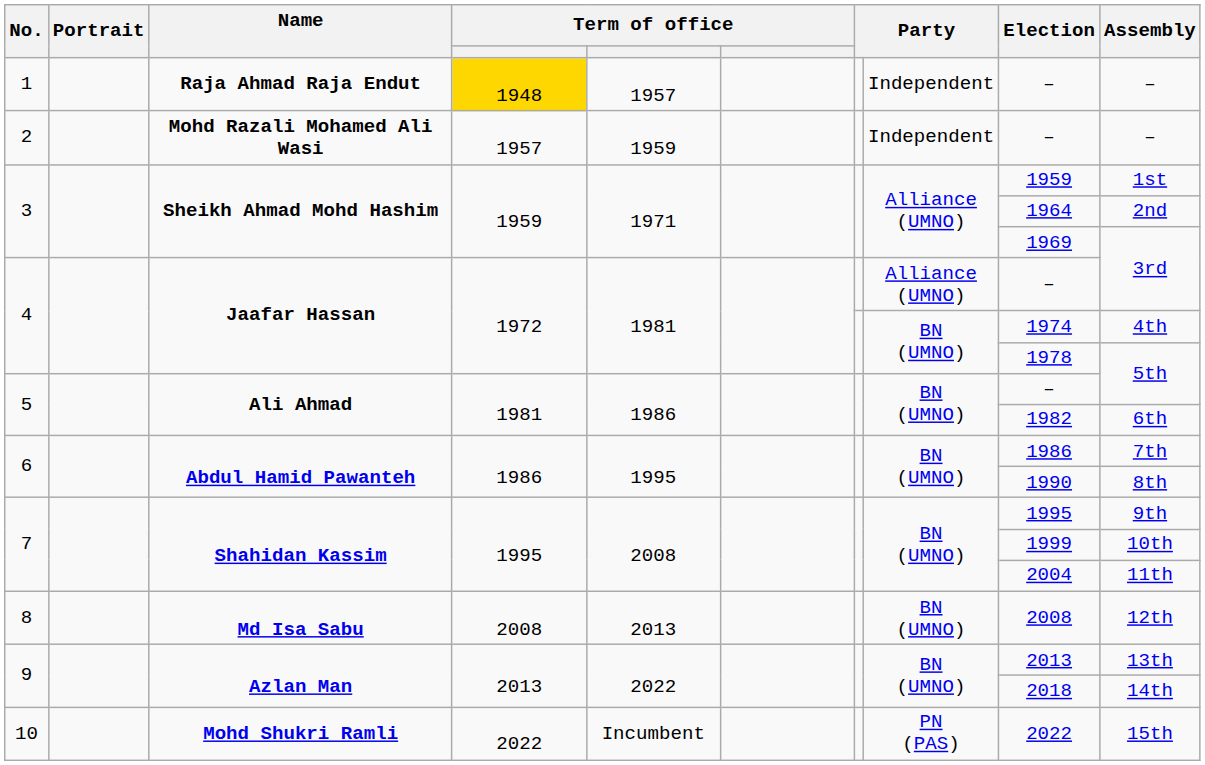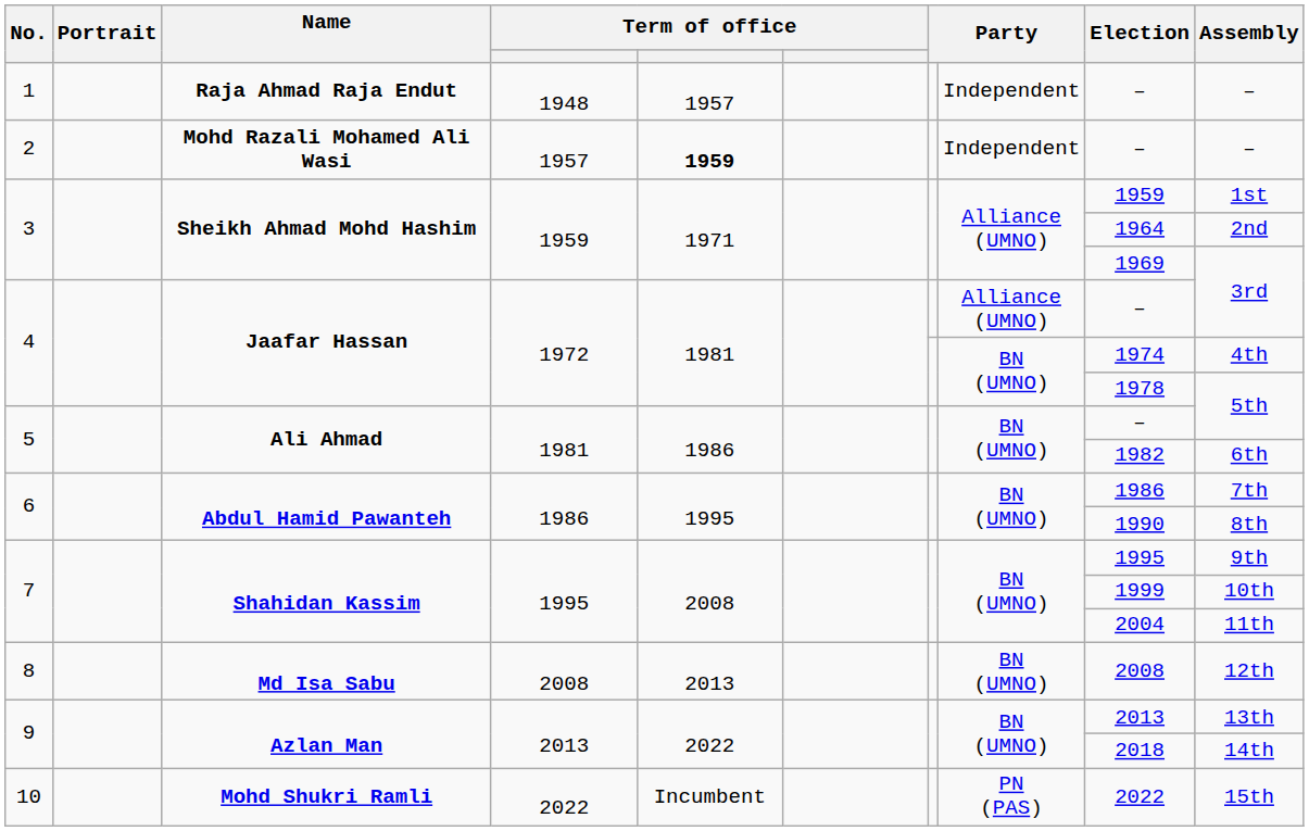 <table class="wikitable" style="text-align:center; border:1px #aaf solid;">
 <tr>
 <th rowspan="2">No.</th>
 <th rowspan="2">Portrait</th>
 <th rowspan="2" width="200">Name<br><br></th>
 <th colspan="3">Term of office</th>
 <th colspan="2" rowspan="2">Party</th>
 <th rowspan="2">Election</th>
 <th rowspan="2">Assembly</th>
 </tr>
 <tr>
 <th width="85"></th>
 <th width="85"></th>
 <th width="85"></th>
 </tr>
 <tr>
 <td>1</td>
 <td></td>
 <td><strong>Raja Ahmad Raja Endut</strong><br></td>
-<td style="background: gold;"><br>1948</td>
+<td><br>1948</td>
 <td><br>1957</td>
 <td></td>
 <td style="background:"></td>
 <td>Independent</td>
 <td>–</td>
 <td>–</td>
 </tr>
 <tr>
 <td>2</td>
 <td></td>
 <td><strong>Mohd Razali Mohamed Ali Wasi</strong><br></td>
 <td><br>1957</td>
-<td><br>1959</td>
+<td><strong><br>1959</strong></td>
 <td></td>
 <td style="background:"></td>
 <td>Independent</td>
 <td>–</td>
 <td>–</td>
 </tr>
 <tr>
 <td rowspan="3">3</td>
 <td rowspan="3"></td>
 <td rowspan="3"><strong>Sheikh Ahmad Mohd Hashim</strong><br></td>
 <td rowspan="3"><br>1959</td>
 <td rowspan="3"><br>1971</td>
 <td rowspan="3"></td>
 <td rowspan="3" style="background:"></td>
 <td rowspan="3"><a href='#'>Alliance</a><br>(<a href='#'>UMNO</a>)</td>
 <td><a href='#'>1959</a></td>
 <td><a href='#'>1st</a></td>
 </tr>
 <tr>
 <td><a href='#'>1964</a></td>
 <td><a href='#'>2nd</a></td>
 </tr>
 <tr>
 <td><a href='#'>1969</a></td>
 <td rowspan="2"><a href='#'>3rd</a></td>
 </tr>
 <tr>
 <td rowspan="3">4</td>
 <td rowspan="3"></td>
 <td rowspan="3"><strong>Jaafar Hassan</strong><br></td>
 <td rowspan="3"><br>1972</td>
 <td rowspan="3"><br>1981</td>
 <td rowspan="3"></td>
 <td style="background:"></td>
 <td><a href='#'>Alliance</a><br>(<a href='#'>UMNO</a>)</td>
 <td>–</td>
 </tr>
 <tr>
 <td rowspan="2" style="background:"></td>
 <td rowspan="2"><a href='#'>BN</a><br>(<a href='#'>UMNO</a>)</td>
 <td><a href='#'>1974</a></td>
 <td><a href='#'>4th</a></td>
 </tr>
 <tr>
 <td><a href='#'>1978</a></td>
 <td rowspan="2"><a href='#'>5th</a></td>
 </tr>
 <tr>
 <td rowspan="2">5</td>
 <td rowspan="2"></td>
 <td rowspan="2"><strong>Ali Ahmad</strong><br></td>
 <td rowspan="2"><br>1981</td>
 <td rowspan="2"><br>1986</td>
 <td rowspan="2"></td>
 <td rowspan="2" style="background:"></td>
 <td rowspan="2"><a href='#'>BN</a><br>(<a href='#'>UMNO</a>)</td>
 <td>–</td>
 </tr>
 <tr>
 <td><a href='#'>1982</a></td>
 <td><a href='#'>6th</a></td>
 </tr>
 <tr>
 <td rowspan="2">6</td>
 <td rowspan="2"></td>
 <td rowspan="2"><br><strong><a href='#'>Abdul Hamid Pawanteh</a></strong><br></td>
 <td rowspan="2"><br>1986</td>
 <td rowspan="2"><br>1995</td>
 <td rowspan="2"></td>
 <td rowspan="2" style="background:"></td>
 <td rowspan="2"><a href='#'>BN</a><br>(<a href='#'>UMNO</a>)</td>
 <td><a href='#'>1986</a></td>
 <td><a href='#'>7th</a></td>
 </tr>
 <tr>
 <td><a href='#'>1990</a></td>
 <td><a href='#'>8th</a></td>
 </tr>
 <tr>
 <td rowspan="3">7</td>
 <td rowspan="3"></td>
 <td rowspan="3"><br><strong><a href='#'>Shahidan Kassim</a></strong><br></td>
 <td rowspan="3"><br>1995</td>
 <td rowspan="3"><br>2008</td>
 <td rowspan="3"></td>
 <td rowspan="3" style="background:"></td>
 <td rowspan="3"><a href='#'>BN</a><br>(<a href='#'>UMNO</a>)</td>
 <td><a href='#'>1995</a></td>
 <td><a href='#'>9th</a></td>
 </tr>
 <tr>
 <td><a href='#'>1999</a></td>
 <td><a href='#'>10th</a></td>
 </tr>
 <tr>
 <td><a href='#'>2004</a></td>
 <td><a href='#'>11th</a></td>
 </tr>
 <tr>
 <td>8</td>
 <td></td>
 <td><br><strong><a href='#'>Md Isa Sabu</a></strong><br></td>
 <td><br>2008</td>
 <td><br>2013</td>
 <td></td>
 <td style="background:"></td>
 <td><a href='#'>BN</a><br>(<a href='#'>UMNO</a>)</td>
 <td><a href='#'>2008</a></td>
 <td><a href='#'>12th</a></td>
 </tr>
 <tr>
 <td rowspan="2">9</td>
 <td rowspan="2"></td>
 <td rowspan="2"><br><strong><a href='#'>Azlan Man</a></strong><br></td>
 <td rowspan="2"><br>2013</td>
 <td rowspan="2"><br>2022</td>
 <td rowspan="2"></td>
 <td rowspan="2" style="background:"></td>
 <td rowspan="2"><a href='#'>BN</a><br>(<a href='#'>UMNO</a>)</td>
 <td><a href='#'>2013</a></td>
 <td><a href='#'>13th</a></td>
 </tr>
 <tr>
 <td><a href='#'>2018</a></td>
 <td><a href='#'>14th</a></td>
 </tr>
 <tr>
 <td>10</td>
 <td></td>
 <td><strong><a href='#'>Mohd Shukri Ramli</a></strong><br></td>
 <td><br>2022</td>
 <td>Incumbent</td>
 <td></td>
 <td style="background:"></td>
 <td><a href='#'>PN</a><br>(<a href='#'>PAS</a>)</td>
 <td><a href='#'>2022</a></td>
 <td><a href='#'>15th</a></td>
 </tr>
 </table>
